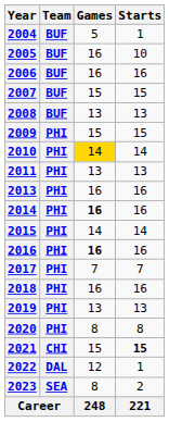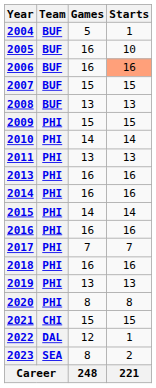 <table class="wikitable" style="text-align: center;">
 <tr>
 <th>Year</th>
 <th>Team</th>
 <th>Games</th>
 <th>Starts</th>
 </tr>
 <tr>
 <th><a href='#'>2004</a></th>
 <th><a href='#'>BUF</a></th>
 <td>5</td>
 <td>1</td>
 </tr>
 <tr>
 <th><a href='#'>2005</a></th>
 <th><a href='#'>BUF</a></th>
 <td>16</td>
 <td>10</td>
 </tr>
 <tr>
 <th><a href='#'>2006</a></th>
 <th><a href='#'>BUF</a></th>
 <td>16</td>
-<td>16</td>
+<td style="background: lightsalmon;">16</td>
 </tr>
 <tr>
 <th><a href='#'>2007</a></th>
 <th><a href='#'>BUF</a></th>
 <td>15</td>
 <td>15</td>
 </tr>
 <tr>
 <th><a href='#'>2008</a></th>
 <th><a href='#'>BUF</a></th>
 <td>13</td>
 <td>13</td>
 </tr>
 <tr>
 <th><a href='#'>2009</a></th>
 <th><a href='#'>PHI</a></th>
 <td>15</td>
 <td>15</td>
 </tr>
 <tr>
 <th><a href='#'>2010</a></th>
 <th><a href='#'>PHI</a></th>
-<td style="background: gold;">14</td>
+<td>14</td>
 <td>14</td>
 </tr>
 <tr>
 <th><a href='#'>2011</a></th>
 <th><a href='#'>PHI</a></th>
 <td>13</td>
 <td>13</td>
 </tr>
 <tr>
 <th><a href='#'>2013</a></th>
 <th><a href='#'>PHI</a></th>
 <td>16</td>
 <td>16</td>
 </tr>
 <tr>
 <th><a href='#'>2014</a></th>
 <th><a href='#'>PHI</a></th>
-<td><strong>16</strong></td>
+<td>16</td>
 <td>16</td>
 </tr>
 <tr>
 <th><a href='#'>2015</a></th>
 <th><a href='#'>PHI</a></th>
 <td>14</td>
 <td>14</td>
 </tr>
 <tr>
 <th><a href='#'>2016</a></th>
 <th><a href='#'>PHI</a></th>
-<td><strong>16</strong></td>
+<td>16</td>
 <td>16</td>
 </tr>
 <tr>
 <th><a href='#'>2017</a></th>
 <th><a href='#'>PHI</a></th>
 <td>7</td>
 <td>7</td>
 </tr>
 <tr>
 <th><a href='#'>2018</a></th>
 <th><a href='#'>PHI</a></th>
 <td>16</td>
 <td>16</td>
 </tr>
 <tr>
 <th><a href='#'>2019</a></th>
 <th><a href='#'>PHI</a></th>
 <td>13</td>
 <td>13</td>
 </tr>
 <tr>
 <th><a href='#'>2020</a></th>
 <th><a href='#'>PHI</a></th>
 <td>8</td>
 <td>8</td>
 </tr>
 <tr>
 <th><a href='#'>2021</a></th>
 <th><a href='#'>CHI</a></th>
 <td>15</td>
-<td><strong>15</strong></td>
+<td>15</td>
 </tr>
 <tr>
 <th><a href='#'>2022</a></th>
 <th><a href='#'>DAL</a></th>
 <td>12</td>
 <td>1</td>
 </tr>
 <tr>
 <th><a href='#'>2023</a></th>
 <th><a href='#'>SEA</a></th>
 <td>8</td>
 <td>2</td>
 </tr>
 <tr>
 <th colspan="2">Career</th>
 <th>248</th>
 <th>221</th>
 </tr>
 </table>
